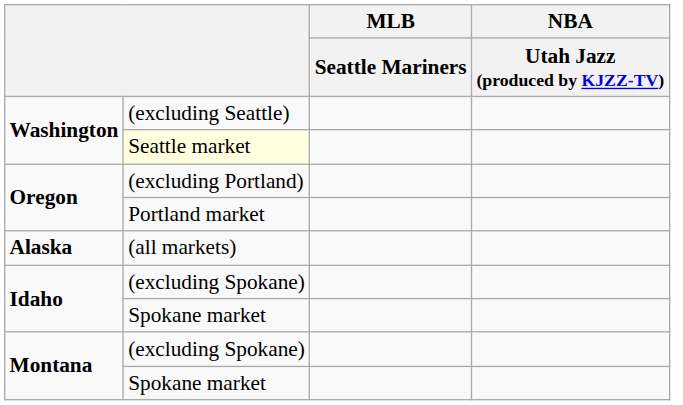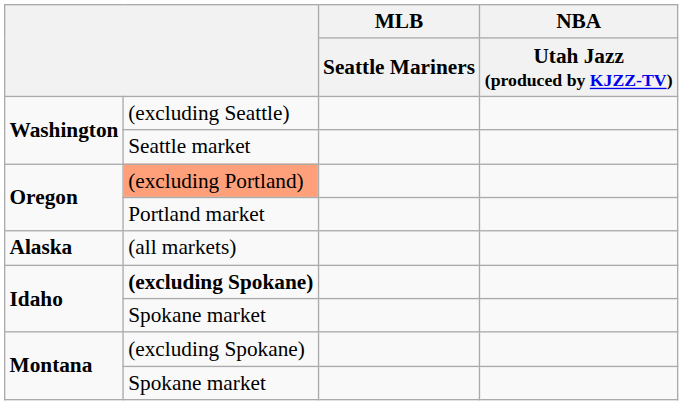 <table class="wikitable">
 <tr>
 <th rowspan="2" colspan="2"></th>
 <th>MLB</th>
 <th>NBA</th>
 </tr>
 <tr colspan="2">
 <th>Seattle Mariners</th>
 <th>Utah Jazz<br><small>(produced by <a href='#'>KJZZ-TV</a>)</small></th>
 </tr>
 <tr>
 <td rowspan=2><strong>Washington</strong></td>
 <td>(excluding Seattle)</td>
 <td></td>
 <td></td>
 </tr>
 <tr>
-<td style="background: lightyellow;">Seattle market</td>
+<td>Seattle market</td>
 <td></td>
 <td></td>
 </tr>
 <tr>
 <td rowspan=2><strong>Oregon</strong></td>
-<td>(excluding Portland)</td>
+<td style="background: lightsalmon;">(excluding Portland)</td>
 <td></td>
 <td></td>
 </tr>
 <tr>
 <td>Portland market</td>
 <td></td>
 <td></td>
 </tr>
 <tr>
 <td><strong>Alaska</strong></td>
 <td>(all markets)</td>
 <td></td>
 <td></td>
 </tr>
 <tr>
 <td rowspan=2><strong>Idaho</strong></td>
-<td>(excluding Spokane)</td>
+<td><strong>(excluding Spokane)</strong></td>
 <td></td>
 <td></td>
 </tr>
 <tr>
 <td>Spokane market</td>
 <td></td>
 <td></td>
 </tr>
 <tr>
 <td rowspan=2><strong>Montana</strong></td>
 <td>(excluding Spokane)</td>
 <td></td>
 <td></td>
 </tr>
 <tr>
 <td>Spokane market</td>
 <td></td>
 <td></td>
 </tr>
 </table>
